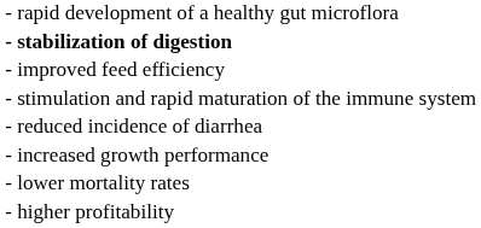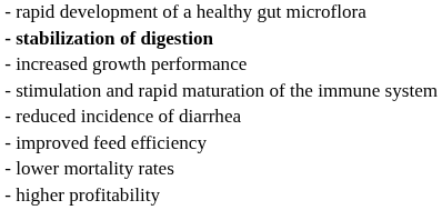 <table border=0>
 <tr -- align=left>
 <td>- rapid development of a healthy gut microflora</td>
 </tr>
 <tr -- align=left>
 <td><strong>- stabilization of digestion</strong></td>
 </tr>
 <tr -- align=left>
-<td>- improved feed efficiency</td>
+<td>- increased growth performance</td>
 </tr>
 <tr -- align=left>
 <td>- stimulation and rapid maturation of the immune system</td>
 </tr>
 <tr -- align=left>
 <td>- reduced incidence of diarrhea</td>
 </tr>
 <tr -- align=left>
-<td>- increased growth performance</td>
+<td>- improved feed efficiency</td>
 </tr>
 <tr -- align=left>
 <td>- lower mortality rates</td>
 </tr>
 <tr -- align=left>
 <td>- higher profitability  </td>
 </tr>
 </table>
